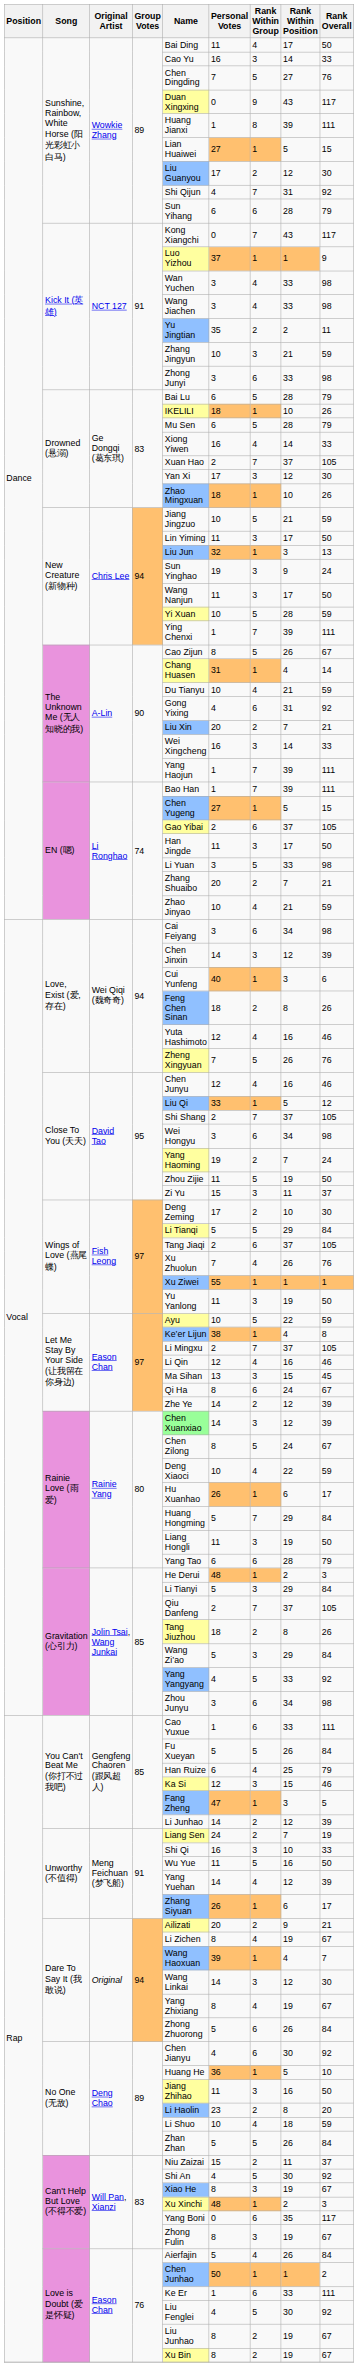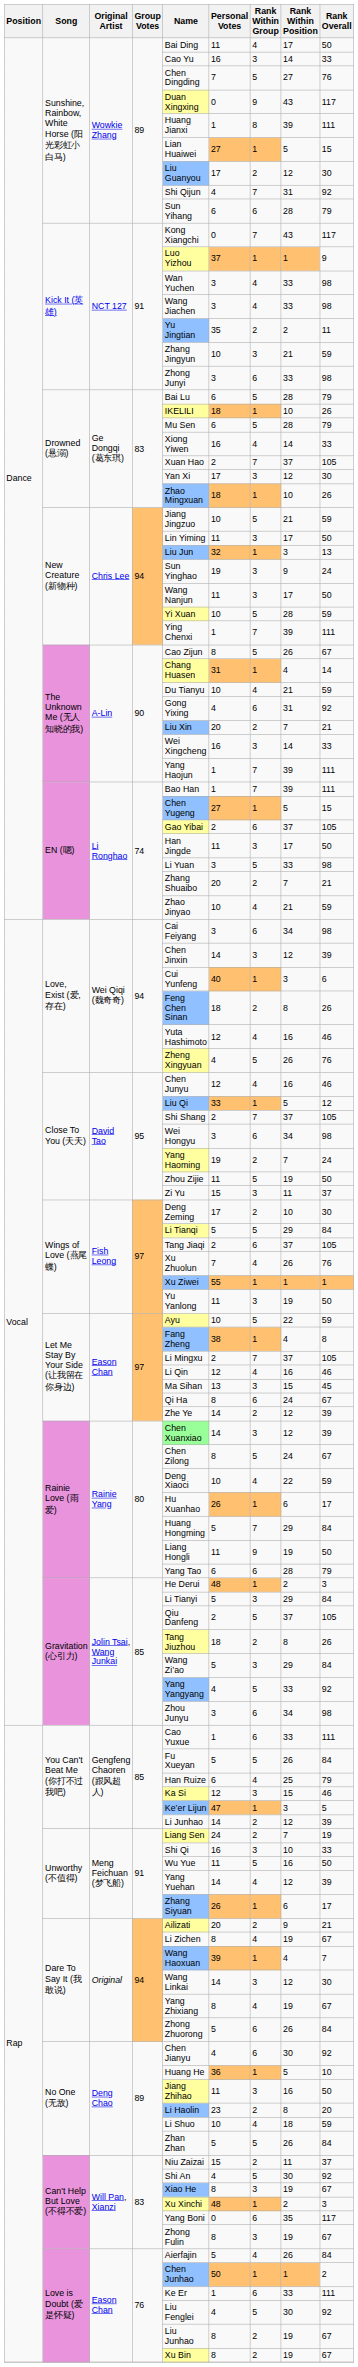 <table class="wikitable sortable mw-collapsible">
 <tr>
 <th>Position</th>
 <th>Song</th>
 <th>Original Artist</th>
 <th>Group Votes</th>
 <th>Name</th>
 <th>Personal Votes</th>
 <th>Rank Within Group</th>
 <th>Rank Within Position</th>
 <th>Rank Overall</th>
 </tr>
 <tr>
 <td rowspan="44">Dance</td>
 <td rowspan="9">Sunshine, Rainbow, White Horse (阳光彩虹小白马)</td>
 <td rowspan="9"><a href='#'>Wowkie Zhang</a></td>
 <td rowspan="9">89</td>
 <td>Bai Ding</td>
 <td>11</td>
 <td>4</td>
 <td>17</td>
 <td>50</td>
 </tr>
 <tr>
 <td>Cao Yu</td>
 <td>16</td>
 <td>3</td>
 <td>14</td>
 <td>33</td>
 </tr>
 <tr>
 <td>Chen Dingding</td>
 <td>7</td>
 <td>5</td>
 <td>27</td>
 <td>76</td>
 </tr>
 <tr>
 <td style="background:#FFFF9F">Duan Xingxing</td>
 <td>0</td>
 <td>9</td>
 <td>43</td>
 <td>117</td>
 </tr>
 <tr>
 <td>Huang Jianxi</td>
 <td>1</td>
 <td>8</td>
 <td>39</td>
 <td>111</td>
 </tr>
 <tr>
 <td>Lian Huaiwei</td>
 <td style="background:#FFC06F">27</td>
 <td style="background:#FFC06F">1</td>
 <td>5</td>
 <td>15</td>
 </tr>
 <tr>
 <td style="background:#90C0FF">Liu Guanyou</td>
 <td>17</td>
 <td>2</td>
 <td>12</td>
 <td>30</td>
 </tr>
 <tr>
 <td>Shi Qijun</td>
 <td>4</td>
 <td>7</td>
 <td>31</td>
 <td>92</td>
 </tr>
 <tr>
 <td>Sun Yihang</td>
 <td>6</td>
 <td>6</td>
 <td>28</td>
 <td>79</td>
 </tr>
 <tr>
 <td rowspan="7"><a href='#'>Kick It (英雄)</a></td>
 <td rowspan="7"><a href='#'>NCT 127</a></td>
 <td rowspan="7">91</td>
 <td>Kong Xiangchi</td>
 <td>0</td>
 <td>7</td>
 <td>43</td>
 <td>117</td>
 </tr>
 <tr>
 <td style="background:#FFFF9F">Luo Yizhou</td>
 <td style="background:#FFC06F">37</td>
 <td style="background:#FFC06F">1</td>
 <td style="background:#FFC06F">1</td>
 <td>9</td>
 </tr>
 <tr>
 <td>Wan Yuchen</td>
 <td>3</td>
 <td>4</td>
 <td>33</td>
 <td>98</td>
 </tr>
 <tr>
 <td>Wang Jiachen</td>
 <td>3</td>
 <td>4</td>
 <td>33</td>
 <td>98</td>
 </tr>
 <tr>
 <td style="background:#90C0FF">Yu Jingtian</td>
 <td>35</td>
 <td>2</td>
 <td>2</td>
 <td>11</td>
 </tr>
 <tr>
 <td>Zhang Jingyun</td>
 <td>10</td>
 <td>3</td>
 <td>21</td>
 <td>59</td>
 </tr>
 <tr>
 <td>Zhong Junyi</td>
 <td>3</td>
 <td>6</td>
 <td>33</td>
 <td>98</td>
 </tr>
 <tr>
 <td rowspan="7">Drowned (悬溺)</td>
 <td rowspan="7">Ge Dongqi (葛东琪)</td>
 <td rowspan="7">83</td>
 <td>Bai Lu</td>
 <td>6</td>
 <td>5</td>
 <td>28</td>
 <td>79</td>
 </tr>
 <tr>
 <td style="background:#FFFF9F">IKELILI</td>
 <td style="background:#FFC06F">18</td>
 <td style="background:#FFC06F">1</td>
 <td>10</td>
 <td>26</td>
 </tr>
 <tr>
 <td>Mu Sen</td>
 <td>6</td>
 <td>5</td>
 <td>28</td>
 <td>79</td>
 </tr>
 <tr>
 <td>Xiong Yiwen</td>
 <td>16</td>
 <td>4</td>
 <td>14</td>
 <td>33</td>
 </tr>
 <tr>
 <td>Xuan Hao</td>
 <td>2</td>
 <td>7</td>
 <td>37</td>
 <td>105</td>
 </tr>
 <tr>
 <td>Yan Xi</td>
 <td>17</td>
 <td>3</td>
 <td>12</td>
 <td>30</td>
 </tr>
 <tr>
 <td style="background:#90C0FF">Zhao Mingxuan</td>
 <td style="background:#FFC06F">18</td>
 <td style="background:#FFC06F">1</td>
 <td>10</td>
 <td>26</td>
 </tr>
 <tr>
 <td rowspan="7">New Creature (新物种)</td>
 <td rowspan="7"><a href='#'>Chris Lee</a></td>
 <td rowspan="7" style="background:#FFC06F">94</td>
 <td>Jiang Jingzuo</td>
 <td>10</td>
 <td>5</td>
 <td>21</td>
 <td>59</td>
 </tr>
 <tr>
 <td>Lin Yiming</td>
 <td>11</td>
 <td>3</td>
 <td>17</td>
 <td>50</td>
 </tr>
 <tr>
 <td style="background:#90C0FF">Liu Jun</td>
 <td style="background:#FFC06F">32</td>
 <td style="background:#FFC06F">1</td>
 <td>3</td>
 <td>13</td>
 </tr>
 <tr>
 <td>Sun Yinghao</td>
 <td>19</td>
 <td>3</td>
 <td>9</td>
 <td>24</td>
 </tr>
 <tr>
 <td>Wang Nanjun</td>
 <td>11</td>
 <td>3</td>
 <td>17</td>
 <td>50</td>
 </tr>
 <tr>
 <td style="background:#FFFF9F">Yi Xuan</td>
 <td>10</td>
 <td>5</td>
 <td>28</td>
 <td>59</td>
 </tr>
 <tr>
 <td>Ying Chenxi</td>
 <td>1</td>
 <td>7</td>
 <td>39</td>
 <td>111</td>
 </tr>
 <tr>
 <td rowspan="7" style="background:#E993DD">The Unknown Me (无人知晓的我)</td>
 <td rowspan="7"><a href='#'>A-Lin</a></td>
 <td rowspan="7">90</td>
 <td>Cao Zijun</td>
 <td>8</td>
 <td>5</td>
 <td>26</td>
 <td>67</td>
 </tr>
 <tr>
 <td style="background:#FFFF9F">Chang Huasen</td>
 <td style="background:#FFC06F">31</td>
 <td style="background:#FFC06F">1</td>
 <td>4</td>
 <td>14</td>
 </tr>
 <tr>
 <td>Du Tianyu</td>
 <td>10</td>
 <td>4</td>
 <td>21</td>
 <td>59</td>
 </tr>
 <tr>
 <td>Gong Yixing</td>
 <td>4</td>
 <td>6</td>
 <td>31</td>
 <td>92</td>
 </tr>
 <tr>
 <td style="background:#90C0FF">Liu Xin</td>
 <td>20</td>
 <td>2</td>
 <td>7</td>
 <td>21</td>
 </tr>
 <tr>
 <td>Wei Xingcheng</td>
 <td>16</td>
 <td>3</td>
 <td>14</td>
 <td>33</td>
 </tr>
 <tr>
 <td>Yang Haojun</td>
 <td>1</td>
 <td>7</td>
 <td>39</td>
 <td>111</td>
 </tr>
 <tr>
 <td rowspan = "7" style="background:#E993DD">EN (嗯)</td>
 <td rowspan = "7"><a href='#'>Li Ronghao</a></td>
 <td rowspan = "7">74</td>
 <td>Bao Han</td>
 <td>1</td>
 <td>7</td>
 <td>39</td>
 <td>111</td>
 </tr>
 <tr>
 <td style="background:#90C0FF">Chen Yugeng</td>
 <td style="background:#FFC06F">27</td>
 <td style="background:#FFC06F">1</td>
 <td>5</td>
 <td>15</td>
 </tr>
 <tr>
 <td style="background:#FFFF9F">Gao Yibai</td>
 <td>2</td>
 <td>6</td>
 <td>37</td>
 <td>105</td>
 </tr>
 <tr>
 <td>Han Jingde</td>
 <td>11</td>
 <td>3</td>
 <td>17</td>
 <td>50</td>
 </tr>
 <tr>
 <td>Li Yuan</td>
 <td>3</td>
 <td>5</td>
 <td>33</td>
 <td>98</td>
 </tr>
 <tr>
 <td>Zhang Shuaibo</td>
 <td>20</td>
 <td>2</td>
 <td>7</td>
 <td>21</td>
 </tr>
 <tr>
 <td>Zhao Jinyao</td>
 <td>10</td>
 <td>4</td>
 <td>21</td>
 <td>59</td>
 </tr>
 <tr>
 <td rowspan="40">Vocal</td>
 <td rowspan="6">Love, Exist (爱,存在)</td>
 <td rowspan="6">Wei Qiqi (魏奇奇)</td>
 <td rowspan="6">94</td>
 <td>Cai Feiyang</td>
 <td>3</td>
 <td>6</td>
 <td>34</td>
 <td>98</td>
 </tr>
 <tr>
 <td>Chen Jinxin</td>
 <td>14</td>
 <td>3</td>
 <td>12</td>
 <td>39</td>
 </tr>
 <tr>
 <td>Cui Yunfeng</td>
 <td style="background:#FFC06F">40</td>
 <td style="background:#FFC06F">1</td>
 <td>3</td>
 <td>6</td>
 </tr>
 <tr>
 <td style="background:#90C0FF">Feng Chen Sinan</td>
 <td>18</td>
 <td>2</td>
 <td>8</td>
 <td>26</td>
 </tr>
 <tr>
 <td>Yuta Hashimoto</td>
 <td>12</td>
 <td>4</td>
 <td>16</td>
 <td>46</td>
 </tr>
 <tr>
 <td style="background:#FFFF9F">Zheng Xingyuan</td>
-<td>7</td>
+<td>4</td>
 <td>5</td>
 <td>26</td>
 <td>76</td>
 </tr>
 <tr>
 <td rowspan="7">Close To You (天天)</td>
 <td rowspan="7"><a href='#'>David Tao</a></td>
 <td rowspan="7">95</td>
 <td>Chen Junyu</td>
 <td>12</td>
 <td>4</td>
 <td>16</td>
 <td>46</td>
 </tr>
 <tr>
 <td style="background:#90C0FF">Liu Qi</td>
 <td style="background:#FFC06F">33</td>
 <td style="background:#FFC06F">1</td>
 <td>5</td>
 <td>12</td>
 </tr>
 <tr>
 <td>Shi Shang</td>
 <td>2</td>
 <td>7</td>
 <td>37</td>
 <td>105</td>
 </tr>
 <tr>
 <td>Wei Hongyu</td>
 <td>3</td>
 <td>6</td>
 <td>34</td>
 <td>98</td>
 </tr>
 <tr>
 <td style="background:#FFFF9F">Yang Haoming</td>
 <td>19</td>
 <td>2</td>
 <td>7</td>
 <td>24</td>
 </tr>
 <tr>
 <td>Zhou Zijie</td>
 <td>11</td>
 <td>5</td>
 <td>19</td>
 <td>50</td>
 </tr>
 <tr>
 <td>Zi Yu</td>
 <td>15</td>
 <td>3</td>
 <td>11</td>
 <td>37</td>
 </tr>
 <tr>
 <td rowspan="6">Wings of Love (燕尾蝶)</td>
 <td rowspan="6"><a href='#'>Fish Leong</a></td>
 <td rowspan="6" style="background:#FFC06F">97</td>
 <td>Deng Zeming</td>
 <td>17</td>
 <td>2</td>
 <td>10</td>
 <td>30</td>
 </tr>
 <tr>
 <td style="background:#FFFF9F">Li Tianqi</td>
 <td>5</td>
 <td>5</td>
 <td>29</td>
 <td>84</td>
 </tr>
 <tr>
 <td>Tang Jiaqi</td>
 <td>2</td>
 <td>6</td>
 <td>37</td>
 <td>105</td>
 </tr>
 <tr>
 <td>Xu Zhuolun</td>
 <td>7</td>
 <td>4</td>
 <td>26</td>
 <td>76</td>
 </tr>
 <tr>
 <td style="background:#90C0FF">Xu Ziwei</td>
 <td style="background:#FFC06F">55</td>
 <td style="background:#FFC06F">1</td>
 <td style="background:#FFC06F">1</td>
 <td style="background:#FFC06F">1</td>
 </tr>
 <tr>
 <td>Yu Yanlong</td>
 <td>11</td>
 <td>3</td>
 <td>19</td>
 <td>50</td>
 </tr>
 <tr>
 <td rowspan="7">Let Me Stay By Your Side (让我留在你身边)</td>
 <td rowspan="7"><a href='#'>Eason Chan</a></td>
 <td rowspan="7" style="background:#FFC06F">97</td>
 <td style="background:#FFFF9F">Ayu</td>
 <td>10</td>
 <td>5</td>
 <td>22</td>
 <td>59</td>
 </tr>
 <tr>
-<td style="background:#90C0FF">Ke’er Lijun</td>
+<td style="background:#90C0FF">Fang Zheng</td>
 <td style="background:#FFC06F">38</td>
 <td style="background:#FFC06F">1</td>
 <td>4</td>
 <td>8</td>
 </tr>
 <tr>
 <td>Li Mingxu</td>
 <td>2</td>
 <td>7</td>
 <td>37</td>
 <td>105</td>
 </tr>
 <tr>
 <td>Li Qin</td>
 <td>12</td>
 <td>4</td>
 <td>16</td>
 <td>46</td>
 </tr>
 <tr>
 <td>Ma Sihan</td>
 <td>13</td>
 <td>3</td>
 <td>15</td>
 <td>45</td>
 </tr>
 <tr>
 <td>Qi Ha</td>
 <td>8</td>
 <td>6</td>
 <td>24</td>
 <td>67</td>
 </tr>
 <tr>
 <td>Zhe Ye</td>
 <td>14</td>
 <td>2</td>
 <td>12</td>
 <td>39</td>
 </tr>
 <tr>
 <td rowspan="7" style="background:#E993DD">Rainie Love (雨爱)</td>
 <td rowspan="7"><a href='#'>Rainie Yang</a></td>
 <td rowspan="7">80</td>
 <td style="background:#99FF99">Chen Xuanxiao</td>
 <td>14</td>
 <td>3</td>
 <td>12</td>
 <td>39</td>
 </tr>
 <tr>
 <td>Chen Zilong</td>
 <td>8</td>
 <td>5</td>
 <td>24</td>
 <td>67</td>
 </tr>
 <tr>
 <td>Deng Xiaoci</td>
 <td>10</td>
 <td>4</td>
 <td>22</td>
 <td>59</td>
 </tr>
 <tr>
 <td>Hu Xuanhao</td>
 <td style="background:#FFC06F">26</td>
 <td style="background:#FFC06F">1</td>
 <td>6</td>
 <td>17</td>
 </tr>
 <tr>
 <td>Huang Hongming</td>
 <td>5</td>
 <td>7</td>
 <td>29</td>
 <td>84</td>
 </tr>
 <tr>
 <td>Liang Hongli</td>
 <td>11</td>
-<td>3</td>
+<td>9</td>
 <td>19</td>
 <td>50</td>
 </tr>
 <tr>
 <td>Yang Tao</td>
 <td>6</td>
 <td>6</td>
 <td>28</td>
 <td>79</td>
 </tr>
 <tr>
 <td rowspan="7" style="background:#E993DD">Gravitation (心引力)</td>
 <td rowspan="7"><a href='#'>Jolin Tsai</a>, <a href='#'>Wang Junkai</a></td>
 <td rowspan="7">85</td>
 <td>He Derui</td>
 <td style="background:#FFC06F">48</td>
 <td style="background:#FFC06F">1</td>
 <td>2</td>
 <td>3</td>
 </tr>
 <tr>
 <td>Li Tianyi</td>
 <td>5</td>
 <td>3</td>
 <td>29</td>
 <td>84</td>
 </tr>
 <tr>
 <td>Qiu Danfeng</td>
 <td>2</td>
-<td>7</td>
+<td>5</td>
 <td>37</td>
 <td>105</td>
 </tr>
 <tr>
 <td style="background:#FFFF9F">Tang Jiuzhou</td>
 <td>18</td>
 <td>2</td>
 <td>8</td>
 <td>26</td>
 </tr>
 <tr>
 <td>Wang Zi’ao</td>
 <td>5</td>
 <td>3</td>
 <td>29</td>
 <td>84</td>
 </tr>
 <tr>
 <td style="background:#90C0FF">Yang Yangyang</td>
 <td>4</td>
 <td>5</td>
 <td>33</td>
 <td>92</td>
 </tr>
 <tr>
 <td>Zhou Junyu</td>
 <td>3</td>
 <td>6</td>
 <td>34</td>
 <td>98</td>
 </tr>
 <tr>
 <td rowspan="35">Rap</td>
 <td rowspan="6">You Can't Beat Me (你打不过我吧)</td>
 <td rowspan="6">Gengfeng Chaoren (跟风超人)</td>
 <td rowspan="6">85</td>
 <td>Cao Yuxue</td>
 <td>1</td>
 <td>6</td>
 <td>33</td>
 <td>111</td>
 </tr>
 <tr>
 <td>Fu Xueyan</td>
 <td>5</td>
 <td>5</td>
 <td>26</td>
 <td>84</td>
 </tr>
 <tr>
 <td>Han Ruize</td>
 <td>6</td>
 <td>4</td>
 <td>25</td>
 <td>79</td>
 </tr>
 <tr>
 <td style="background:#FFFF9F">Ka Si</td>
 <td>12</td>
 <td>3</td>
 <td>15</td>
 <td>46</td>
 </tr>
 <tr>
-<td style="background:#90C0FF">Fang Zheng</td>
+<td style="background:#90C0FF">Ke’er Lijun</td>
 <td style="background:#FFC06F">47</td>
 <td style="background:#FFC06F">1</td>
 <td>3</td>
 <td>5</td>
 </tr>
 <tr>
 <td>Li Junhao</td>
 <td>14</td>
 <td>2</td>
 <td>12</td>
 <td>39</td>
 </tr>
 <tr>
 <td rowspan="5">Unworthy (不值得)</td>
 <td rowspan="5">Meng Feichuan (梦飞船)</td>
 <td rowspan="5">91</td>
 <td style="background:#FFFF9F">Liang Sen</td>
 <td>24</td>
 <td>2</td>
 <td>7</td>
 <td>19</td>
 </tr>
 <tr>
 <td>Shi Qi</td>
 <td>16</td>
 <td>3</td>
 <td>10</td>
 <td>33</td>
 </tr>
 <tr>
 <td>Wu Yue</td>
 <td>11</td>
 <td>5</td>
 <td>16</td>
 <td>50</td>
 </tr>
 <tr>
 <td>Yang Yuehan</td>
 <td>14</td>
 <td>4</td>
 <td>12</td>
 <td>39</td>
 </tr>
 <tr>
 <td style="background:#90C0FF">Zhang Siyuan</td>
 <td style="background:#FFC06F">26</td>
 <td style="background:#FFC06F">1</td>
 <td>6</td>
 <td>17</td>
 </tr>
 <tr>
 <td rowspan="6">Dare To Say It (我敢说)</td>
 <td rowspan="6"><em>Original</em></td>
 <td rowspan="6" style="background:#FFC06F">94</td>
 <td style="background:#FFFF9F">Ailizati</td>
 <td>20</td>
 <td>2</td>
 <td>9</td>
 <td>21</td>
 </tr>
 <tr>
 <td>Li Zichen</td>
 <td>8</td>
 <td>4</td>
 <td>19</td>
 <td>67</td>
 </tr>
 <tr>
 <td style="background:#90C0FF">Wang Haoxuan</td>
 <td style="background:#FFC06F">39</td>
 <td style="background:#FFC06F">1</td>
 <td>4</td>
 <td>7</td>
 </tr>
 <tr>
 <td>Wang Linkai</td>
 <td>14</td>
 <td>3</td>
 <td>12</td>
 <td>30</td>
 </tr>
 <tr>
 <td>Yang Zhixiang</td>
 <td>8</td>
 <td>4</td>
 <td>19</td>
 <td>67</td>
 </tr>
 <tr>
 <td>Zhong Zhuorong</td>
 <td>5</td>
 <td>6</td>
 <td>26</td>
 <td>84</td>
 </tr>
 <tr>
 <td rowspan="6">No One (无敌)</td>
 <td rowspan="6"><a href='#'>Deng Chao</a></td>
 <td rowspan="6">89</td>
 <td>Chen Jianyu</td>
 <td>4</td>
 <td>6</td>
 <td>30</td>
 <td>92</td>
 </tr>
 <tr>
 <td>Huang He</td>
 <td style="background:#FFC06F">36</td>
 <td style="background:#FFC06F">1</td>
 <td>5</td>
 <td>10</td>
 </tr>
 <tr>
 <td style="background:#FFFF9F">Jiang Zhihao</td>
 <td>11</td>
 <td>3</td>
 <td>16</td>
 <td>50</td>
 </tr>
 <tr>
 <td style="background:#90C0FF">Li Haolin</td>
 <td>23</td>
 <td>2</td>
 <td>8</td>
 <td>20</td>
 </tr>
 <tr>
 <td>Li Shuo</td>
 <td>10</td>
 <td>4</td>
 <td>18</td>
 <td>59</td>
 </tr>
 <tr>
 <td>Zhan Zhan</td>
 <td>5</td>
 <td>5</td>
 <td>26</td>
 <td>84</td>
 </tr>
 <tr>
 <td rowspan="6" style="background:#E993DD">Can't Help But Love (不得不爱)</td>
 <td rowspan="6"><a href='#'>Will Pan</a>, <a href='#'>Xianzi</a></td>
 <td rowspan="6">83</td>
 <td>Niu Zaizai</td>
 <td>15</td>
 <td>2</td>
 <td>11</td>
 <td>37</td>
 </tr>
 <tr>
 <td>Shi An</td>
 <td>4</td>
 <td>5</td>
 <td>30</td>
 <td>92</td>
 </tr>
 <tr>
 <td style="background:#90C0FF">Xiao He</td>
 <td>8</td>
 <td>3</td>
 <td>19</td>
 <td>67</td>
 </tr>
 <tr>
 <td style="background:#FFFF9F">Xu Xinchi</td>
 <td style="background:#FFC06F">48</td>
 <td style="background:#FFC06F">1</td>
 <td>2</td>
 <td>3</td>
 </tr>
 <tr>
 <td>Yang Boni</td>
 <td>0</td>
 <td>6</td>
 <td>35</td>
 <td>117</td>
 </tr>
 <tr>
 <td>Zhong Fulin</td>
 <td>8</td>
 <td>3</td>
 <td>19</td>
 <td>67</td>
 </tr>
 <tr>
 <td rowspan="6" style="background:#E993DD">Love is Doubt (爱是怀疑)</td>
 <td rowspan="6"><a href='#'>Eason Chan</a></td>
 <td rowspan="6">76</td>
 <td>Aierfajin</td>
 <td>5</td>
 <td>4</td>
 <td>26</td>
 <td>84</td>
 </tr>
 <tr>
 <td style="background:#90C0FF">Chen Junhao</td>
 <td style="background:#FFC06F">50</td>
 <td style="background:#FFC06F">1</td>
 <td style="background:#FFC06F">1</td>
 <td>2</td>
 </tr>
 <tr>
 <td>Ke Er</td>
 <td>1</td>
 <td>6</td>
 <td>33</td>
 <td>111</td>
 </tr>
 <tr>
 <td>Liu Fenglei</td>
 <td>4</td>
 <td>5</td>
 <td>30</td>
 <td>92</td>
 </tr>
 <tr>
 <td>Liu Junhao</td>
 <td>8</td>
 <td>2</td>
 <td>19</td>
 <td>67</td>
 </tr>
 <tr>
 <td style="background:#FFFF9F">Xu Bin</td>
 <td>8</td>
 <td>2</td>
 <td>19</td>
 <td>67</td>
 </tr>
 <tr>
 </tr>
 </table>
